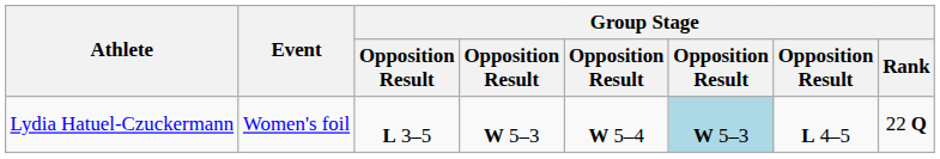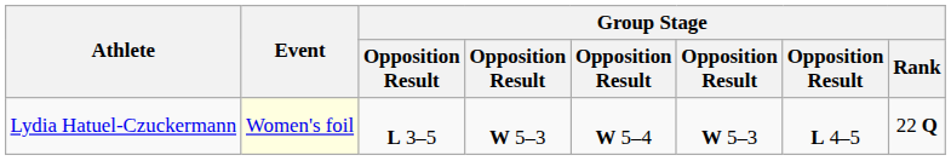 <table class=wikitable style="font-size:90%">
 <tr>
 <th rowspan="2">Athlete</th>
 <th rowspan="2">Event</th>
 <th colspan="6">Group Stage</th>
 </tr>
 <tr>
 <th>Opposition<br>Result</th>
 <th>Opposition<br>Result</th>
 <th>Opposition<br>Result</th>
 <th>Opposition<br>Result</th>
 <th>Opposition<br>Result</th>
 <th>Rank</th>
 </tr>
 <tr align=center>
 <td align=left><a href='#'>Lydia Hatuel-Czuckermann</a></td>
-<td align=left><a href='#'>Women's foil</a></td>
+<td align=left style="background: lightyellow;"><a href='#'>Women's foil</a></td>
 <td><br><strong>L</strong> 3–5</td>
 <td><br><strong>W</strong> 5–3</td>
 <td><br><strong>W</strong> 5–4</td>
-<td style="background: lightblue;"><br><strong>W</strong> 5–3</td>
+<td><br><strong>W</strong> 5–3</td>
 <td><br><strong>L</strong> 4–5</td>
 <td>22 <strong>Q</strong></td>
 </tr>
 </table>
